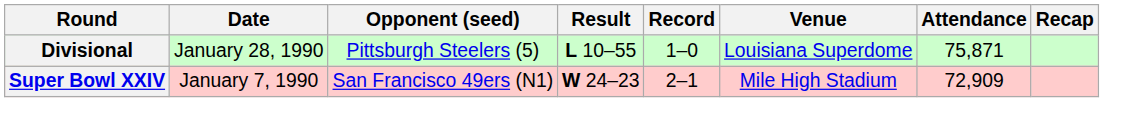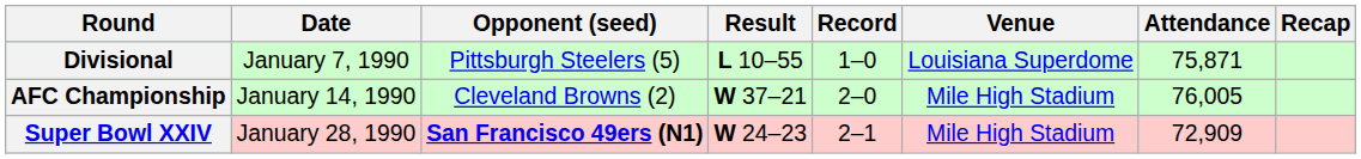 <table class="wikitable" style="text-align:center">
 <tr>
 <th>Round</th>
 <th>Date</th>
 <th>Opponent (seed)</th>
 <th>Result</th>
 <th>Record</th>
 <th>Venue</th>
 <th>Attendance</th>
 <th>Recap</th>
 </tr>
 <tr style="background:#cfc">
 <th>Divisional</th>
-<td>January 28, 1990</td>
+<td>January 7, 1990</td>
 <td><a href='#'>Pittsburgh Steelers</a> (5)</td>
 <td><strong>L</strong> 10–55</td>
 <td>1–0</td>
 <td><a href='#'>Louisiana Superdome</a></td>
 <td>75,871</td>
 <td></td>
 </tr>
+<tr style="background:#cfc">
+<th>AFC Championship</th>
+<td>January 14, 1990</td>
+<td><a href='#'>Cleveland Browns</a> (2)</td>
+<td><strong>W</strong> 37–21</td>
+<td>2–0</td>
+<td><a href='#'>Mile High Stadium</a></td>
+<td>76,005</td>
+<td></td>
+</tr>
 <tr style="background:#fcc">
 <th><a href='#'>Super Bowl XXIV</a></th>
-<td>January 7, 1990</td>
-<td><a href='#'>San Francisco 49ers</a> (N1)</td>
+<td>January 28, 1990</td>
+<td><strong><a href='#'>San Francisco 49ers</a> (N1)</strong></td>
 <td><strong>W</strong> 24–23</td>
 <td>2–1</td>
 <td><a href='#'>Mile High Stadium</a></td>
 <td>72,909</td>
 <td></td>
 </tr>
 </table>
